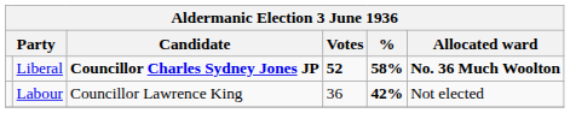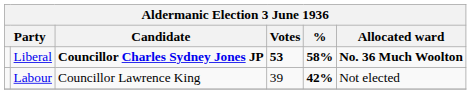 <table class="wikitable">
 <tr>
 <th colspan="6"><strong>Aldermanic Election 3 June 1936</strong></th>
 </tr>
 <tr>
 <th colspan="2">Party</th>
 <th>Candidate</th>
 <th>Votes</th>
 <th>%</th>
 <th>Allocated ward</th>
 </tr>
 <tr>
 <td style="background-color:"></td>
 <td><a href='#'>Liberal</a></td>
 <td><strong>Councillor <a href='#'>Charles Sydney Jones</a> JP</strong></td>
-<td><strong>52</strong></td>
+<td><strong>53</strong></td>
 <td><strong>58%</strong></td>
 <td><strong>No. 36 Much Woolton</strong></td>
 </tr>
 <tr>
 <td style="background-color:"></td>
 <td><a href='#'>Labour</a></td>
 <td>Councillor Lawrence King</td>
-<td>36</td>
+<td>39</td>
 <td><strong>42%</strong></td>
 <td>Not elected</td>
 </tr>
 <tr>
 </tr>
 </table>
